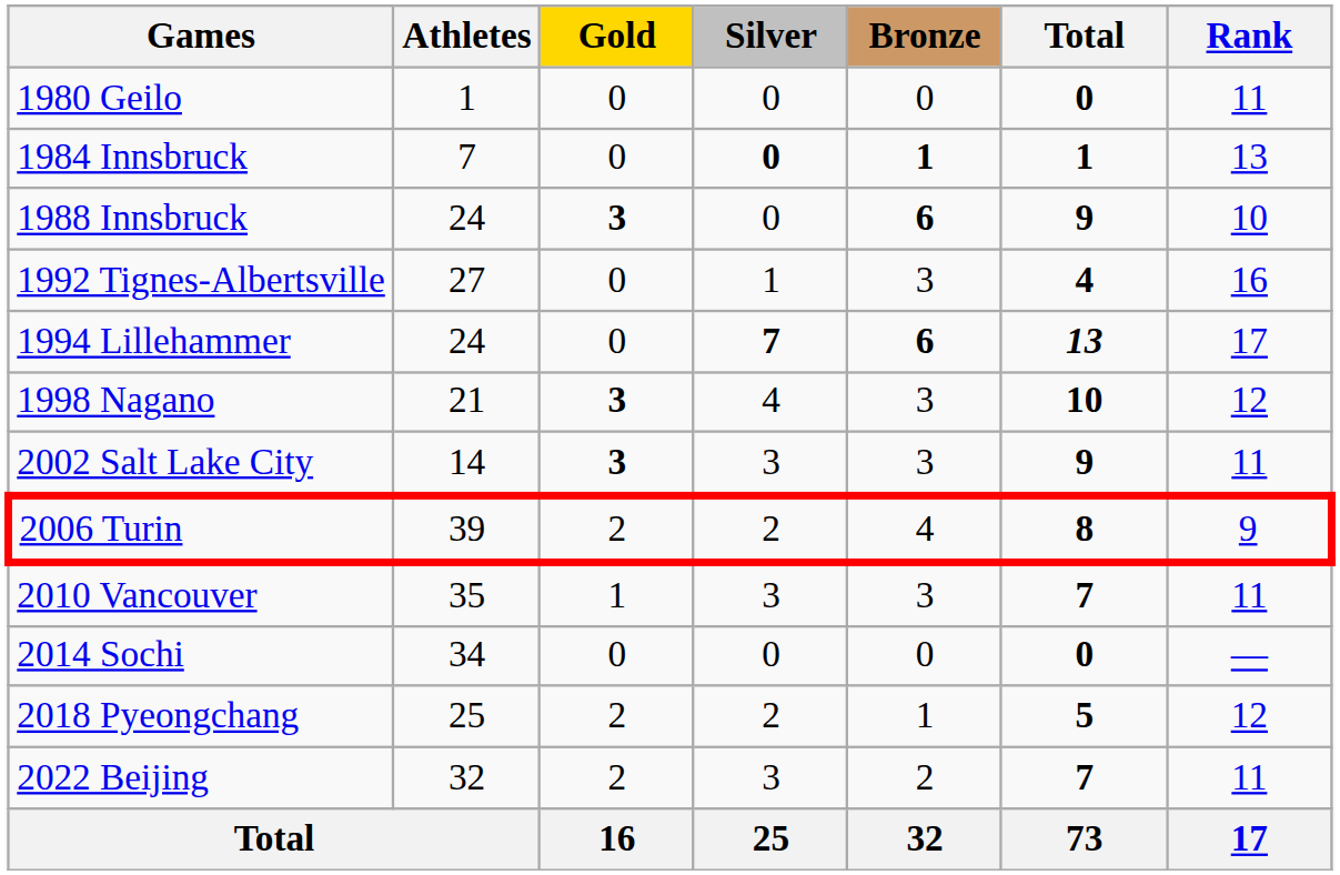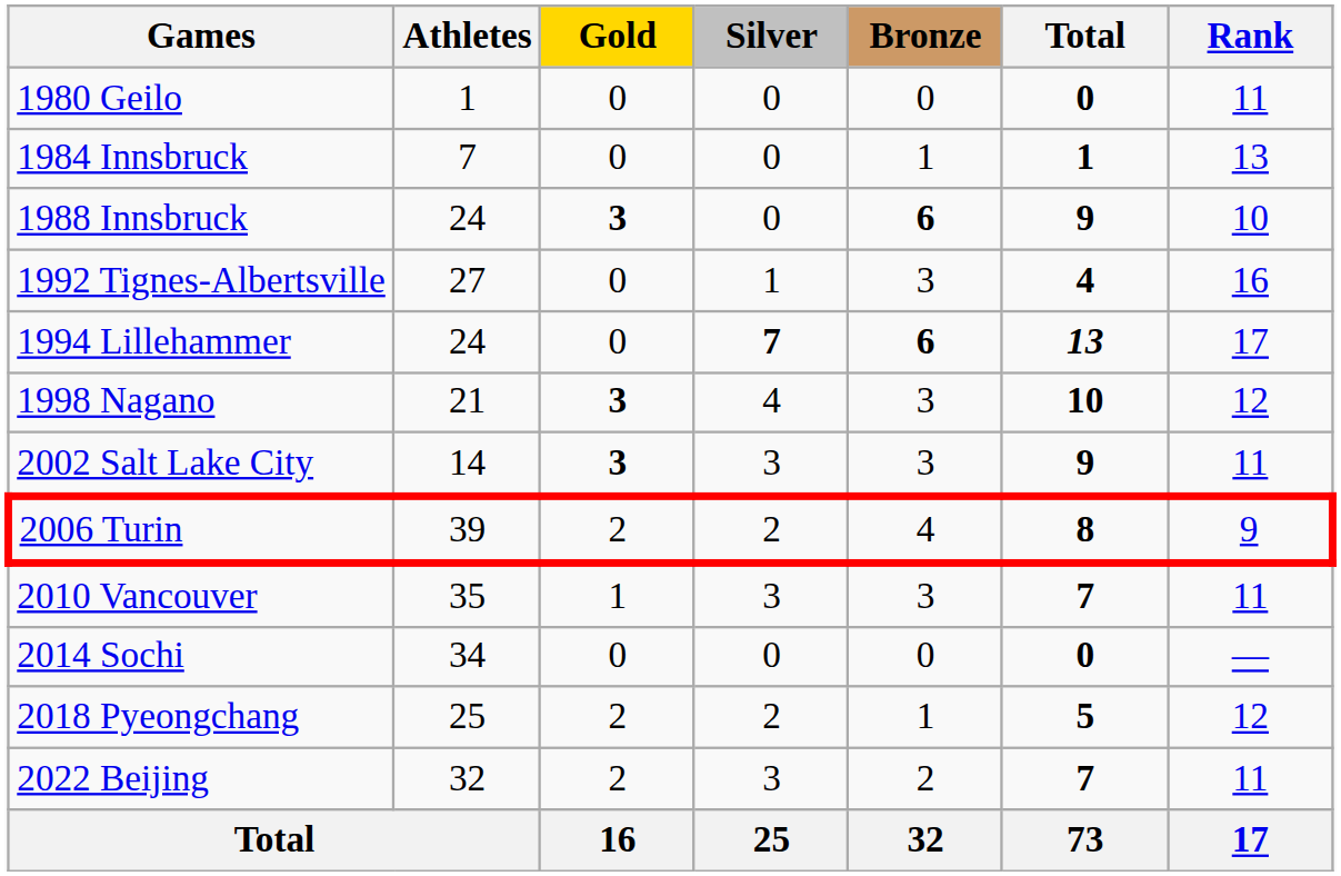 <table class="wikitable" style="text-align:center; font-size:90%;">
 <tr>
 <th>Games</th>
 <th>Athletes</th>
 <td style="background:gold; width:3.7em; font-weight:bold;">Gold</td>
 <td style="background:silver; width:3.7em; font-weight:bold;">Silver</td>
 <td style="background:#cc9966; width:3.7em; font-weight:bold;">Bronze</td>
 <th style="width:4em; font-weight:bold;">Total</th>
 <th style="width:4em; font-weight:bold;"><a href='#'>Rank</a></th>
 </tr>
 <tr>
 <td align=left> <a href='#'>1980 Geilo</a></td>
 <td>1</td>
 <td>0</td>
 <td>0</td>
 <td>0</td>
 <td><strong>0</strong></td>
 <td><a href='#'>11</a></td>
 </tr>
 <tr>
 <td align=left> <a href='#'>1984 Innsbruck</a></td>
 <td>7</td>
 <td>0</td>
-<td><strong>0</strong></td>
-<td><strong>1</strong></td>
+<td>0</td>
+<td>1</td>
 <td><strong>1</strong></td>
 <td><a href='#'>13</a></td>
 </tr>
 <tr>
 <td align=left> <a href='#'>1988 Innsbruck</a></td>
 <td>24</td>
 <td><strong>3</strong></td>
 <td>0</td>
 <td><strong>6</strong></td>
 <td><strong>9</strong></td>
 <td><a href='#'>10</a></td>
 </tr>
 <tr>
 <td align=left> <a href='#'>1992 Tignes-Albertsville</a></td>
 <td>27</td>
 <td>0</td>
 <td>1</td>
 <td>3</td>
 <td><strong>4</strong></td>
 <td><a href='#'>16</a></td>
 </tr>
 <tr>
 <td align=left> <a href='#'>1994 Lillehammer</a></td>
 <td>24</td>
 <td>0</td>
 <td><strong>7</strong></td>
 <td><strong>6</strong></td>
 <td><strong><em>13</em></strong></td>
 <td><a href='#'>17</a></td>
 </tr>
 <tr>
 <td align=left> <a href='#'>1998 Nagano</a></td>
 <td>21</td>
 <td><strong>3</strong></td>
 <td>4</td>
 <td>3</td>
 <td><strong>10</strong></td>
 <td><a href='#'>12</a></td>
 </tr>
 <tr>
 <td align=left> <a href='#'>2002 Salt Lake City</a></td>
 <td>14</td>
 <td><strong>3</strong></td>
 <td>3</td>
 <td>3</td>
 <td><strong>9</strong></td>
 <td><a href='#'>11</a></td>
 </tr>
 <tr style="border: 3px solid red">
 <td align=left> <a href='#'>2006 Turin</a></td>
 <td>39</td>
 <td>2</td>
 <td>2</td>
 <td>4</td>
 <td><strong>8</strong></td>
 <td><a href='#'>9</a></td>
 </tr>
 <tr>
 <td align=left> <a href='#'>2010 Vancouver</a></td>
 <td>35</td>
 <td>1</td>
 <td>3</td>
 <td>3</td>
 <td><strong>7</strong></td>
 <td><a href='#'>11</a></td>
 </tr>
 <tr>
 <td align=left> <a href='#'>2014 Sochi</a></td>
 <td>34</td>
 <td>0</td>
 <td>0</td>
 <td>0</td>
 <td><strong>0</strong></td>
 <td><a href='#'>—</a></td>
 </tr>
 <tr>
 <td align=left> <a href='#'>2018 Pyeongchang</a></td>
 <td>25</td>
 <td>2</td>
 <td>2</td>
 <td>1</td>
 <td><strong>5</strong></td>
 <td><a href='#'>12</a></td>
 </tr>
 <tr>
 <td align=left> <a href='#'>2022 Beijing</a></td>
 <td>32</td>
 <td>2</td>
 <td>3</td>
 <td>2</td>
 <td><strong>7</strong></td>
 <td><a href='#'>11</a><br></td>
 </tr>
 <tr>
 <th colspan=2>Total</th>
 <th>16</th>
 <th>25</th>
 <th>32</th>
 <th>73</th>
 <th><a href='#'>17</a></th>
 </tr>
 </table>
